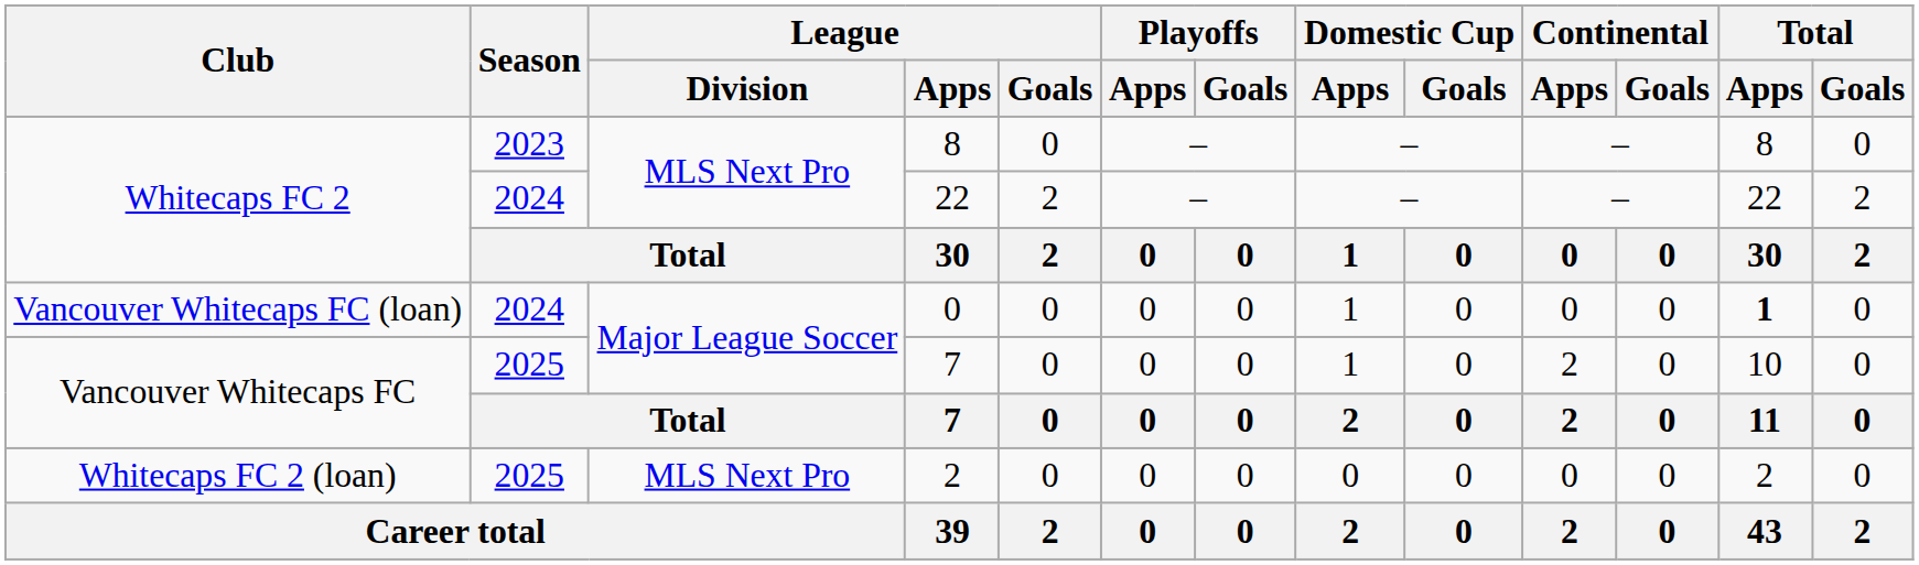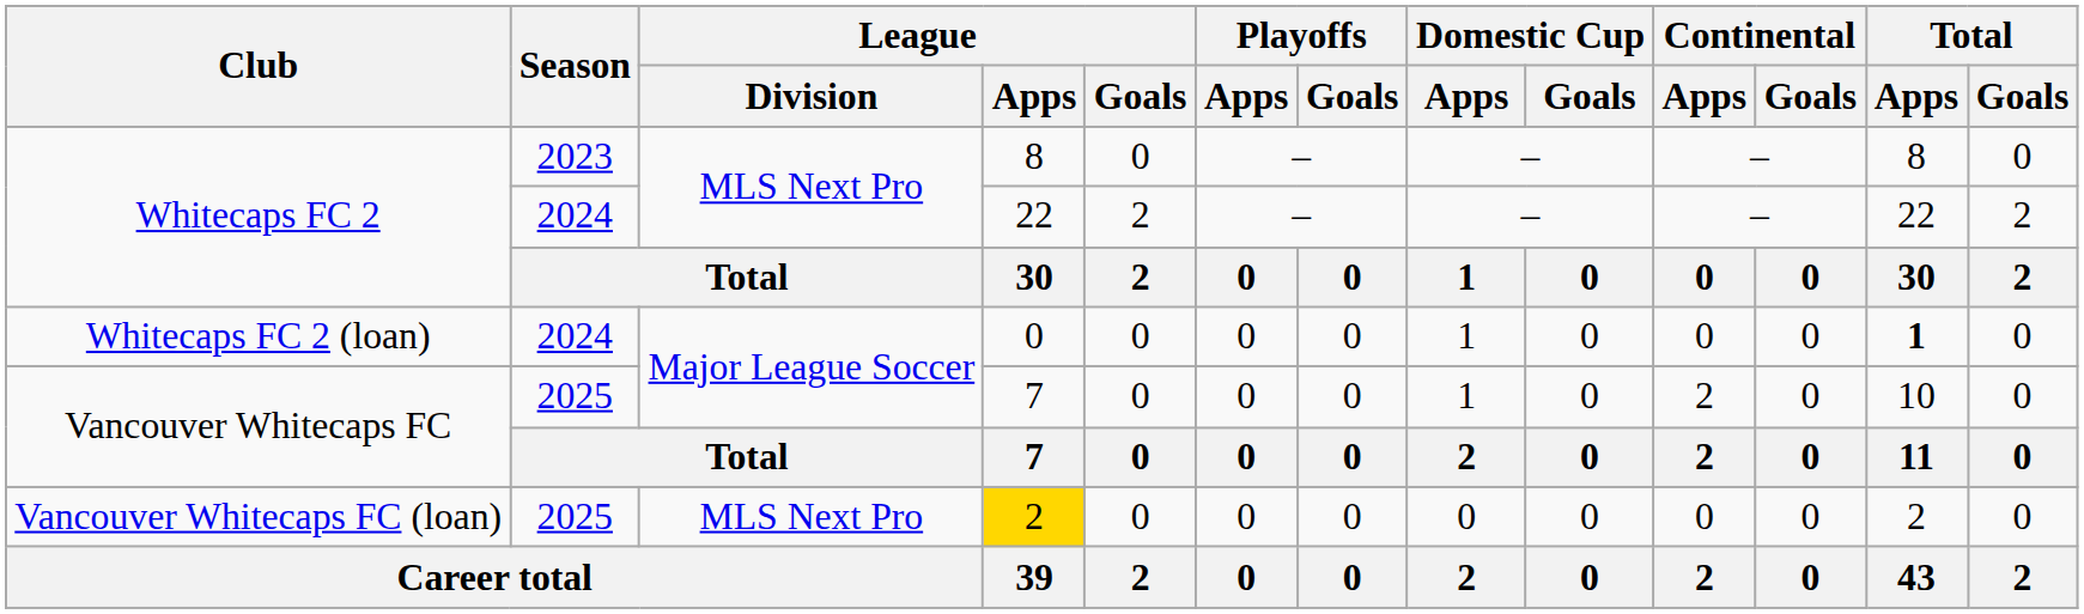 <table class="wikitable" style="text-align: center">
 <tr>
 <th rowspan="2">Club</th>
 <th rowspan="2">Season</th>
 <th colspan="3">League</th>
 <th colspan="2">Playoffs</th>
 <th colspan="2">Domestic Cup</th>
 <th colspan="2">Continental</th>
 <th colspan="2">Total</th>
 </tr>
 <tr>
 <th>Division</th>
 <th>Apps</th>
 <th>Goals</th>
 <th>Apps</th>
 <th>Goals</th>
 <th>Apps</th>
 <th>Goals</th>
 <th>Apps</th>
 <th>Goals</th>
 <th>Apps</th>
 <th>Goals</th>
 </tr>
 <tr>
 <td rowspan=3><a href='#'>Whitecaps FC 2</a></td>
 <td><a href='#'>2023</a></td>
 <td rowspan=2><a href='#'>MLS Next Pro</a></td>
 <td>8</td>
 <td>0</td>
 <td colspan="2">–</td>
 <td colspan="2">–</td>
 <td colspan="2">–</td>
 <td>8</td>
 <td>0</td>
 </tr>
 <tr>
 <td><a href='#'>2024</a></td>
 <td>22</td>
 <td>2</td>
 <td colspan="2">–</td>
 <td colspan="2">–</td>
 <td colspan="2">–</td>
 <td>22</td>
 <td>2</td>
 </tr>
 <tr>
 <th colspan="2"><strong>Total</strong></th>
 <th>30</th>
 <th>2</th>
 <th>0</th>
 <th>0</th>
 <th>1</th>
 <th>0</th>
 <th>0</th>
 <th>0</th>
 <th>30</th>
 <th>2</th>
 </tr>
 <tr>
-<td><a href='#'>Vancouver Whitecaps FC</a> (loan)</td>
+<td><a href='#'>Whitecaps FC 2</a> (loan)</td>
 <td><a href='#'>2024</a></td>
 <td rowspan=2><a href='#'>Major League Soccer</a></td>
 <td>0</td>
 <td>0</td>
 <td>0</td>
 <td>0</td>
 <td>1</td>
 <td>0</td>
 <td>0</td>
 <td>0</td>
 <td><strong>1</strong></td>
 <td>0</td>
 </tr>
 <tr>
 <td rowspan=2>Vancouver Whitecaps FC</td>
 <td><a href='#'>2025</a></td>
 <td>7</td>
 <td>0</td>
 <td>0</td>
 <td>0</td>
 <td>1</td>
 <td>0</td>
 <td>2</td>
 <td>0</td>
 <td>10</td>
 <td>0</td>
 </tr>
 <tr>
 <th colspan="2"><strong>Total</strong></th>
 <th>7</th>
 <th>0</th>
 <th>0</th>
 <th>0</th>
 <th>2</th>
 <th>0</th>
 <th>2</th>
 <th>0</th>
 <th>11</th>
 <th>0</th>
 </tr>
 <tr>
-<td><a href='#'>Whitecaps FC 2</a> (loan)</td>
+<td><a href='#'>Vancouver Whitecaps FC</a> (loan)</td>
 <td><a href='#'>2025</a></td>
 <td><a href='#'>MLS Next Pro</a></td>
-<td>2</td>
+<td style="background: gold;">2</td>
 <td>0</td>
 <td>0</td>
 <td>0</td>
 <td>0</td>
 <td>0</td>
 <td>0</td>
 <td>0</td>
 <td>2</td>
 <td>0</td>
 </tr>
 <tr>
 <th colspan="3"><strong>Career total</strong></th>
 <th>39</th>
 <th>2</th>
 <th>0</th>
 <th>0</th>
 <th>2</th>
 <th>0</th>
 <th>2</th>
 <th>0</th>
 <th>43</th>
 <th>2</th>
 </tr>
 </table>
